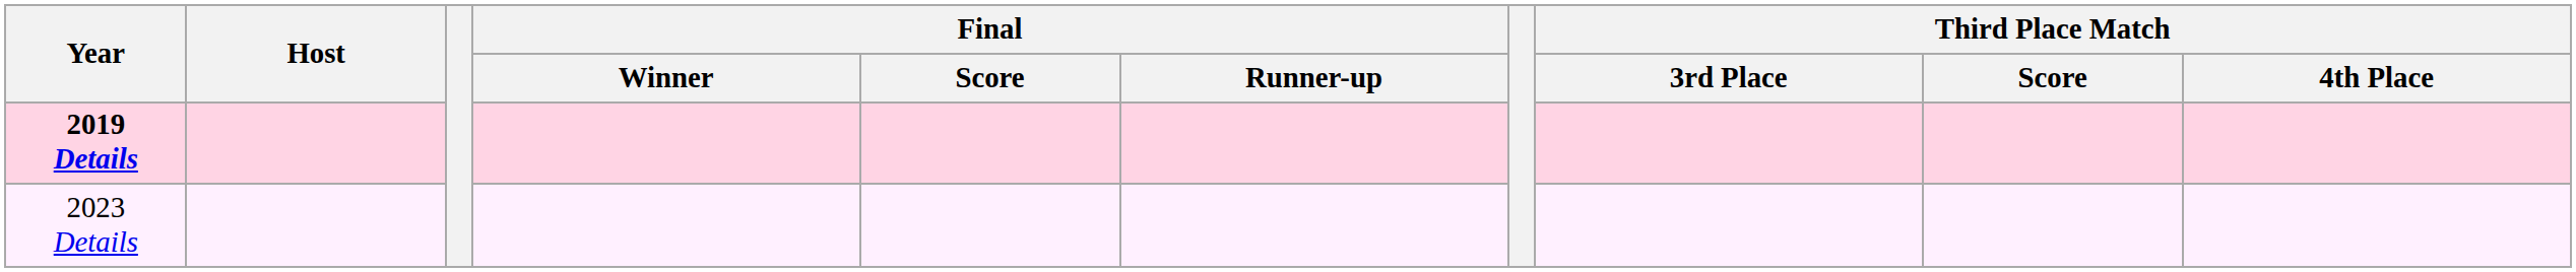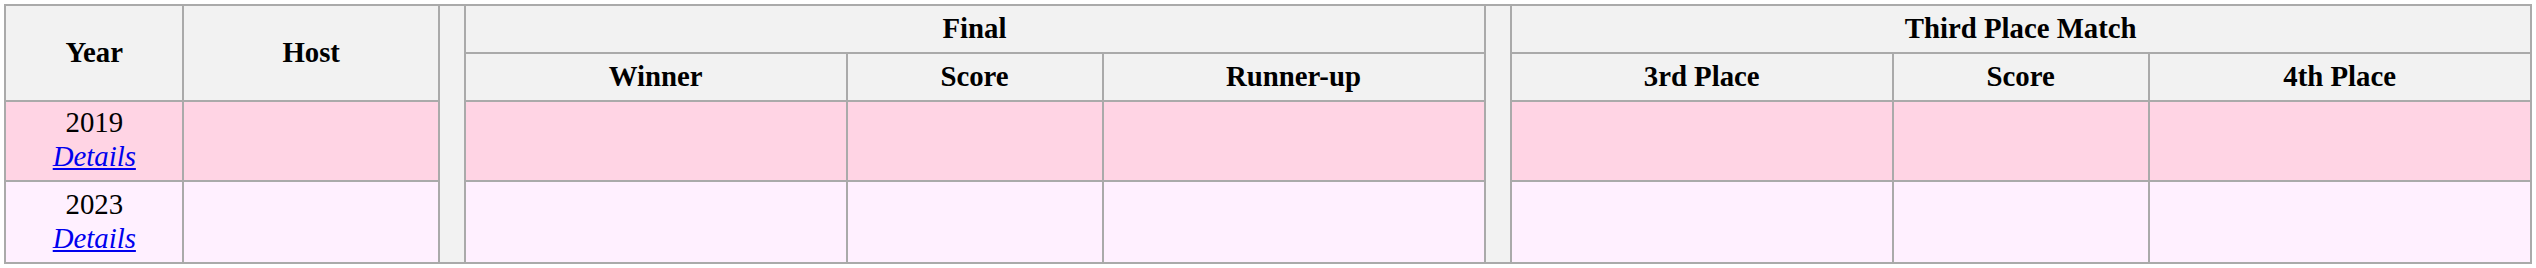 <table class="wikitable" style="font-size: 90%; text-align: center; width: 100%;">
 <tr>
 <th rowspan="2" width="7%">Year</th>
 <th rowspan="2" width="10%">Host</th>
 <th width="1%" rowspan=5></th>
 <th colspan="3">Final</th>
 <th width="1%" rowspan=5></th>
 <th colspan="3">Third Place Match</th>
 </tr>
 <tr>
 <th width="15%">Winner</th>
 <th width="10%">Score</th>
 <th width="15%">Runner-up</th>
 <th width="15%">3rd Place</th>
 <th width="10%">Score</th>
 <th width="15%">4th Place</th>
 </tr>
 <tr align="center" bgcolor="#ffd4e4">
-<td><strong>2019<br><em><a href='#'>Details</a></em></strong></td>
+<td>2019<br><em><a href='#'>Details</a></em></td>
 <td align=left></td>
 <td><strong></strong></td>
 <td></td>
 <td></td>
 <td></td>
 <td></td>
 <td></td>
 </tr>
 <tr align="center" bgcolor="#fff0ff">
 <td>2023<br><em><a href='#'>Details</a></em></td>
 <td align=left></td>
 <td><strong></strong></td>
 <td></td>
 <td></td>
 <td></td>
 <td></td>
 <td></td>
 </tr>
 <tr align="center" bgcolor="#ffd4e4">
 </tr>
 </table>
